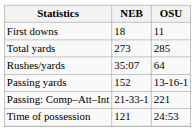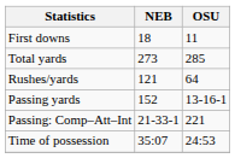 <table class="wikitable" style="float: left;">
 <tr>
 <th>Statistics</th>
 <th>NEB</th>
 <th>OSU</th>
 </tr>
 <tr>
 <td>First downs</td>
 <td>18</td>
 <td>11</td>
 </tr>
 <tr>
 <td>Total yards</td>
 <td>273</td>
 <td>285</td>
 </tr>
 <tr>
 <td>Rushes/yards</td>
-<td>35:07</td>
+<td>121</td>
 <td>64</td>
 </tr>
 <tr>
 <td>Passing yards</td>
 <td>152</td>
 <td>13-16-1</td>
 </tr>
 <tr>
 <td>Passing: Comp–Att–Int</td>
 <td>21-33-1</td>
 <td>221</td>
 </tr>
 <tr>
 <td>Time of possession</td>
-<td>121</td>
+<td>35:07</td>
 <td>24:53</td>
 </tr>
 <tr>
 </tr>
 </table>
